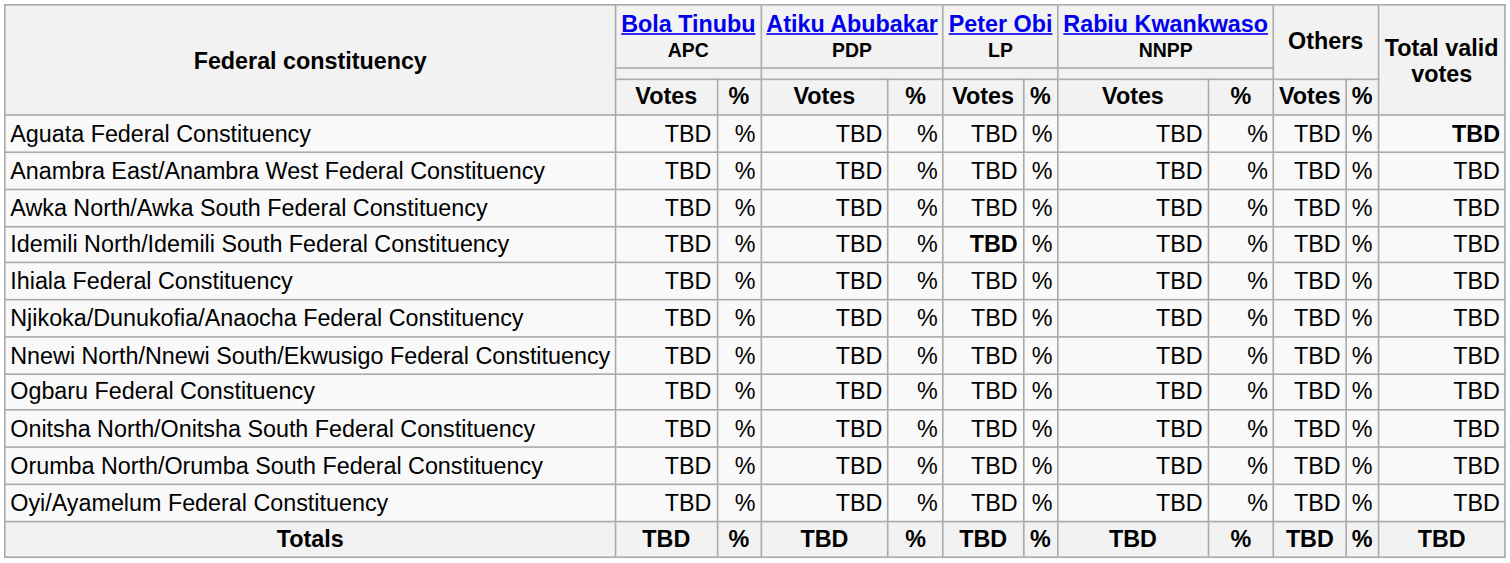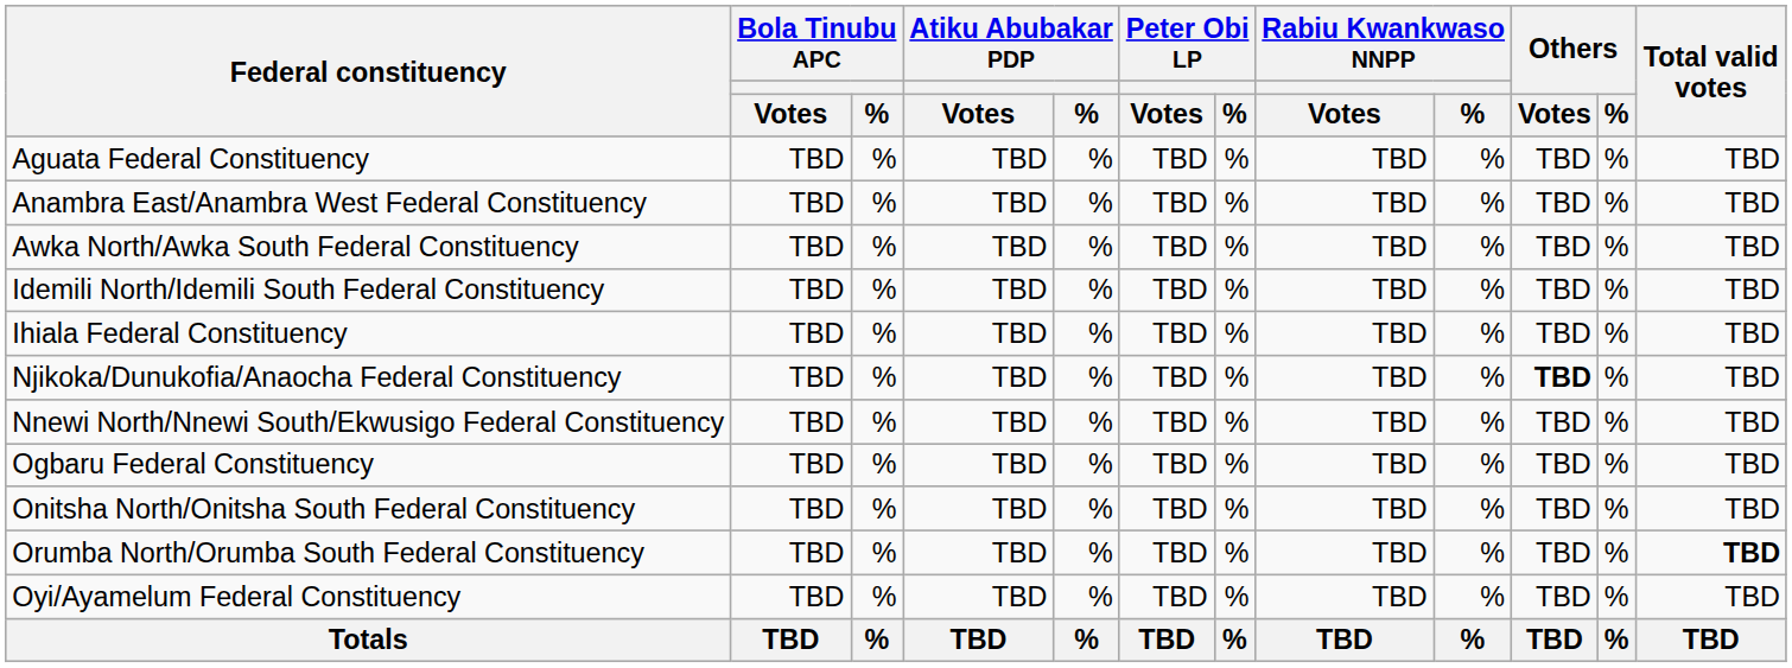 <table class="wikitable sortable" style="text-align:right; font-size:90%">
 <tr>
 <th rowspan="3" style="max-width:7.5em;">Federal constituency</th>
 <th colspan="2"><a href='#'>Bola Tinubu</a><br><small>APC</small></th>
 <th colspan="2"><a href='#'>Atiku Abubakar</a><br><small>PDP</small></th>
 <th colspan="2"><a href='#'>Peter Obi</a><br><small>LP</small></th>
 <th colspan="2"><a href='#'>Rabiu Kwankwaso</a><br><small>NNPP</small></th>
 <th colspan="2" rowspan="2">Others</th>
 <th rowspan="3" style="max-width:5em;">Total valid votes</th>
 </tr>
 <tr>
 <th colspan=2 style="background-color:"></th>
 <th colspan=2 style="background-color:"></th>
 <th colspan=2 style="background-color:"></th>
 <th colspan=2 style="background-color:"></th>
 </tr>
 <tr>
 <th>Votes</th>
 <th>%</th>
 <th>Votes</th>
 <th>%</th>
 <th>Votes</th>
 <th>%</th>
 <th>Votes</th>
 <th>%</th>
 <th>Votes</th>
 <th>%</th>
 </tr>
 <tr style="background-color:#">
 <td style="text-align:left;">Aguata Federal Constituency</td>
 <td>TBD</td>
 <td>%</td>
 <td>TBD</td>
 <td>%</td>
 <td>TBD</td>
 <td>%</td>
 <td>TBD</td>
 <td>%</td>
 <td>TBD</td>
 <td>%</td>
-<td><strong>TBD</strong></td>
+<td>TBD</td>
 </tr>
 <tr style="background-color:#">
 <td style="text-align:left;">Anambra East/Anambra West Federal Constituency</td>
 <td>TBD</td>
 <td>%</td>
 <td>TBD</td>
 <td>%</td>
 <td>TBD</td>
 <td>%</td>
 <td>TBD</td>
 <td>%</td>
 <td>TBD</td>
 <td>%</td>
 <td>TBD</td>
 </tr>
 <tr style="background-color:#">
 <td style="text-align:left;">Awka North/Awka South Federal Constituency</td>
 <td>TBD</td>
 <td>%</td>
 <td>TBD</td>
 <td>%</td>
 <td>TBD</td>
 <td>%</td>
 <td>TBD</td>
 <td>%</td>
 <td>TBD</td>
 <td>%</td>
 <td>TBD</td>
 </tr>
 <tr style="background-color:#">
 <td style="text-align:left;">Idemili North/Idemili South Federal Constituency</td>
 <td>TBD</td>
 <td>%</td>
 <td>TBD</td>
 <td>%</td>
-<td><strong>TBD</strong></td>
+<td>TBD</td>
 <td>%</td>
 <td>TBD</td>
 <td>%</td>
 <td>TBD</td>
 <td>%</td>
 <td>TBD</td>
 </tr>
 <tr style="background-color:#">
 <td style="text-align:left;">Ihiala Federal Constituency</td>
 <td>TBD</td>
 <td>%</td>
 <td>TBD</td>
 <td>%</td>
 <td>TBD</td>
 <td>%</td>
 <td>TBD</td>
 <td>%</td>
 <td>TBD</td>
 <td>%</td>
 <td>TBD</td>
 </tr>
 <tr style="background-color:#">
 <td style="text-align:left;">Njikoka/Dunukofia/Anaocha Federal Constituency</td>
 <td>TBD</td>
 <td>%</td>
 <td>TBD</td>
 <td>%</td>
 <td>TBD</td>
 <td>%</td>
 <td>TBD</td>
 <td>%</td>
-<td>TBD</td>
+<td><strong>TBD</strong></td>
 <td>%</td>
 <td>TBD</td>
 </tr>
 <tr style="background-color:#">
 <td style="text-align:left;">Nnewi North/Nnewi South/Ekwusigo Federal Constituency</td>
 <td>TBD</td>
 <td>%</td>
 <td>TBD</td>
 <td>%</td>
 <td>TBD</td>
 <td>%</td>
 <td>TBD</td>
 <td>%</td>
 <td>TBD</td>
 <td>%</td>
 <td>TBD</td>
 </tr>
 <tr style="background-color:#">
 <td style="text-align:left;">Ogbaru Federal Constituency</td>
 <td>TBD</td>
 <td>%</td>
 <td>TBD</td>
 <td>%</td>
 <td>TBD</td>
 <td>%</td>
 <td>TBD</td>
 <td>%</td>
 <td>TBD</td>
 <td>%</td>
 <td>TBD</td>
 </tr>
 <tr style="background-color:#">
 <td style="text-align:left;">Onitsha North/Onitsha South Federal Constituency</td>
 <td>TBD</td>
 <td>%</td>
 <td>TBD</td>
 <td>%</td>
 <td>TBD</td>
 <td>%</td>
 <td>TBD</td>
 <td>%</td>
 <td>TBD</td>
 <td>%</td>
 <td>TBD</td>
 </tr>
 <tr style="background-color:#">
 <td style="text-align:left;">Orumba North/Orumba South Federal Constituency</td>
 <td>TBD</td>
 <td>%</td>
 <td>TBD</td>
 <td>%</td>
 <td>TBD</td>
 <td>%</td>
 <td>TBD</td>
 <td>%</td>
 <td>TBD</td>
 <td>%</td>
-<td>TBD</td>
+<td><strong>TBD</strong></td>
 </tr>
 <tr style="background-color:#">
 <td style="text-align:left;">Oyi/Ayamelum Federal Constituency</td>
 <td>TBD</td>
 <td>%</td>
 <td>TBD</td>
 <td>%</td>
 <td>TBD</td>
 <td>%</td>
 <td>TBD</td>
 <td>%</td>
 <td>TBD</td>
 <td>%</td>
 <td>TBD</td>
 </tr>
 <tr>
 <th>Totals</th>
 <th>TBD</th>
 <th>%</th>
 <th>TBD</th>
 <th>%</th>
 <th>TBD</th>
 <th>%</th>
 <th>TBD</th>
 <th>%</th>
 <th>TBD</th>
 <th>%</th>
 <th>TBD</th>
 </tr>
 </table>
